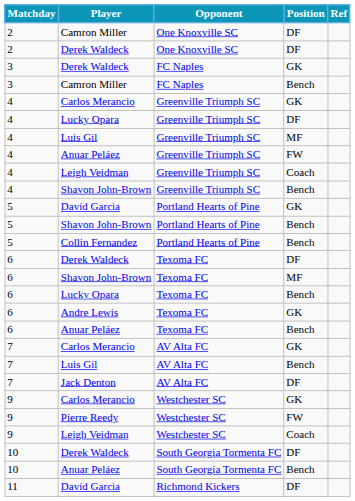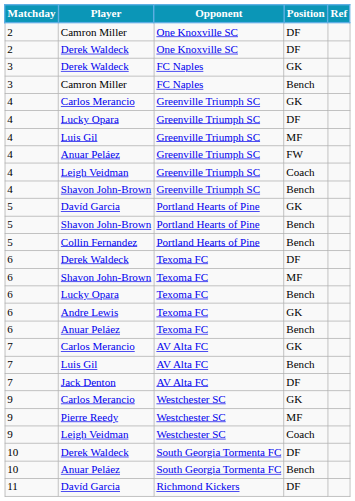 <table class=wikitable>
 <tr>
 <th style="background:#0B96B7; color:#FFFFFF; border:2px solid #5FAFE4;">Matchday</th>
 <th style="background:#0B96B7; color:#FFFFFF; border:2px solid #5FAFE4;">Player</th>
 <th style="background:#0B96B7; color:#FFFFFF; border:2px solid #5FAFE4;">Opponent</th>
 <th style="background:#0B96B7; color:#FFFFFF; border:2px solid #5FAFE4;">Position</th>
 <th style="background:#0B96B7; color:#FFFFFF; border:2px solid #5FAFE4;">Ref</th>
 </tr>
 <tr>
 <td>2</td>
 <td> Camron Miller</td>
 <td><a href='#'>One Knoxville SC</a></td>
 <td>DF</td>
 <td></td>
 </tr>
 <tr>
 <td>2</td>
 <td> <a href='#'>Derek Waldeck</a></td>
 <td><a href='#'>One Knoxville SC</a></td>
 <td>DF</td>
 <td></td>
 </tr>
 <tr>
 <td>3</td>
 <td> <a href='#'>Derek Waldeck</a></td>
 <td><a href='#'>FC Naples</a></td>
 <td>GK</td>
 <td></td>
 </tr>
 <tr>
 <td>3</td>
 <td> Camron Miller</td>
 <td><a href='#'>FC Naples</a></td>
 <td>Bench</td>
 <td></td>
 </tr>
 <tr>
 <td>4</td>
 <td> <a href='#'>Carlos Merancio</a></td>
 <td><a href='#'>Greenville Triumph SC</a></td>
 <td>GK</td>
 <td></td>
 </tr>
 <tr>
 <td>4</td>
 <td> <a href='#'>Lucky Opara</a></td>
 <td><a href='#'>Greenville Triumph SC</a></td>
 <td>DF</td>
 <td></td>
 </tr>
 <tr>
 <td>4</td>
 <td> <a href='#'>Luis Gil</a></td>
 <td><a href='#'>Greenville Triumph SC</a></td>
 <td>MF</td>
 <td></td>
 </tr>
 <tr>
 <td>4</td>
 <td> <a href='#'>Anuar Peláez</a></td>
 <td><a href='#'>Greenville Triumph SC</a></td>
 <td>FW</td>
 <td></td>
 </tr>
 <tr>
 <td>4</td>
 <td> <a href='#'>Leigh Veidman</a></td>
 <td><a href='#'>Greenville Triumph SC</a></td>
 <td>Coach</td>
 <td></td>
 </tr>
 <tr>
 <td>4</td>
 <td> <a href='#'>Shavon John-Brown</a></td>
 <td><a href='#'>Greenville Triumph SC</a></td>
 <td>Bench</td>
 <td></td>
 </tr>
 <tr>
 <td>5</td>
 <td> <a href='#'>Davíd Garcia</a></td>
 <td><a href='#'>Portland Hearts of Pine</a></td>
 <td>GK</td>
 <td></td>
 </tr>
 <tr>
 <td>5</td>
 <td> <a href='#'>Shavon John-Brown</a></td>
 <td><a href='#'>Portland Hearts of Pine</a></td>
 <td>Bench</td>
 <td></td>
 </tr>
 <tr>
 <td>5</td>
 <td> <a href='#'>Collin Fernandez</a></td>
 <td><a href='#'>Portland Hearts of Pine</a></td>
 <td>Bench</td>
 <td></td>
 </tr>
 <tr>
 <td>6</td>
 <td> <a href='#'>Derek Waldeck</a></td>
 <td><a href='#'>Texoma FC</a></td>
 <td>DF</td>
 <td></td>
 </tr>
 <tr>
 <td>6</td>
 <td> <a href='#'>Shavon John-Brown</a></td>
 <td><a href='#'>Texoma FC</a></td>
 <td>MF</td>
 <td></td>
 </tr>
 <tr>
 <td>6</td>
 <td> <a href='#'>Lucky Opara</a></td>
 <td><a href='#'>Texoma FC</a></td>
 <td>Bench</td>
 <td></td>
 </tr>
 <tr>
 <td>6</td>
 <td> <a href='#'>Andre Lewis</a></td>
 <td><a href='#'>Texoma FC</a></td>
 <td>GK</td>
 <td></td>
 </tr>
 <tr>
 <td>6</td>
 <td> <a href='#'>Anuar Peláez</a></td>
 <td><a href='#'>Texoma FC</a></td>
 <td>Bench</td>
 <td></td>
 </tr>
 <tr>
 <td>7</td>
 <td> <a href='#'>Carlos Merancio</a></td>
 <td><a href='#'>AV Alta FC</a></td>
 <td>GK</td>
 <td></td>
 </tr>
 <tr>
 <td>7</td>
 <td> <a href='#'>Luis Gil</a></td>
 <td><a href='#'>AV Alta FC</a></td>
 <td>Bench</td>
 <td></td>
 </tr>
 <tr>
 <td>7</td>
 <td> <a href='#'>Jack Denton</a></td>
 <td><a href='#'>AV Alta FC</a></td>
 <td>DF</td>
 <td></td>
 </tr>
 <tr>
 <td>9</td>
 <td> <a href='#'>Carlos Merancio</a></td>
 <td><a href='#'>Westchester SC</a></td>
 <td>GK</td>
 <td></td>
 </tr>
 <tr>
 <td>9</td>
 <td> <a href='#'>Pierre Reedy</a></td>
 <td><a href='#'>Westchester SC</a></td>
-<td>FW</td>
+<td>MF</td>
 <td></td>
 </tr>
 <tr>
 <td>9</td>
 <td> <a href='#'>Leigh Veidman</a></td>
 <td><a href='#'>Westchester SC</a></td>
 <td>Coach</td>
 <td></td>
 </tr>
 <tr>
 <td>10</td>
 <td> <a href='#'>Derek Waldeck</a></td>
 <td><a href='#'>South Georgia Tormenta FC</a></td>
 <td>DF</td>
 <td></td>
 </tr>
 <tr>
 <td>10</td>
 <td> <a href='#'>Anuar Peláez</a></td>
 <td><a href='#'>South Georgia Tormenta FC</a></td>
 <td>Bench</td>
 <td></td>
 </tr>
 <tr>
 <td>11</td>
 <td> <a href='#'>Davíd Garcia</a></td>
 <td><a href='#'>Richmond Kickers</a></td>
 <td>DF</td>
 <td></td>
 </tr>
 </table>
